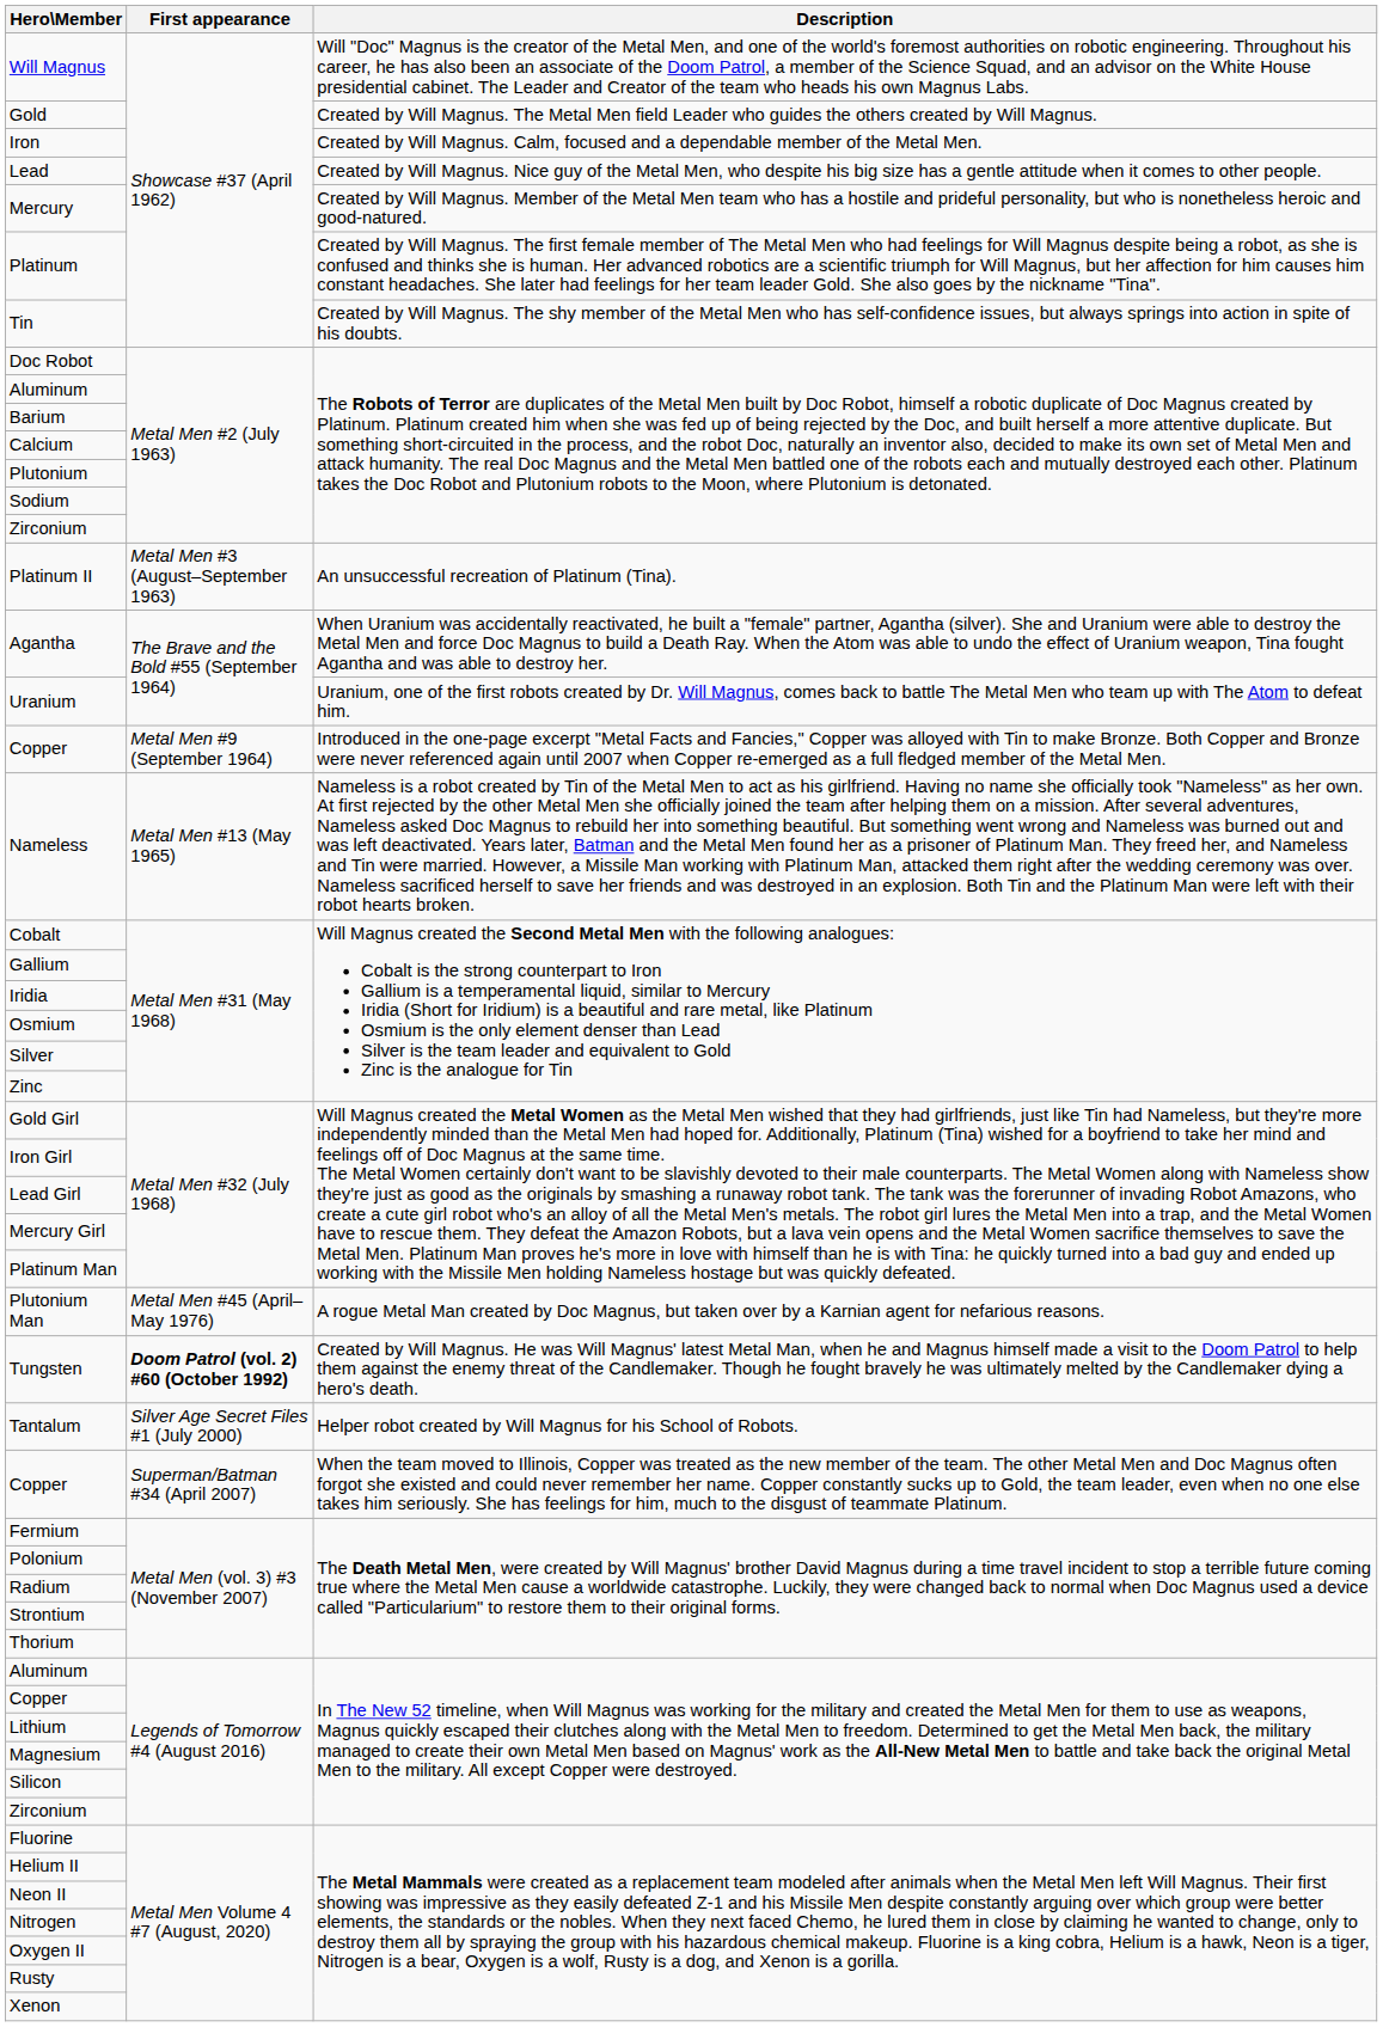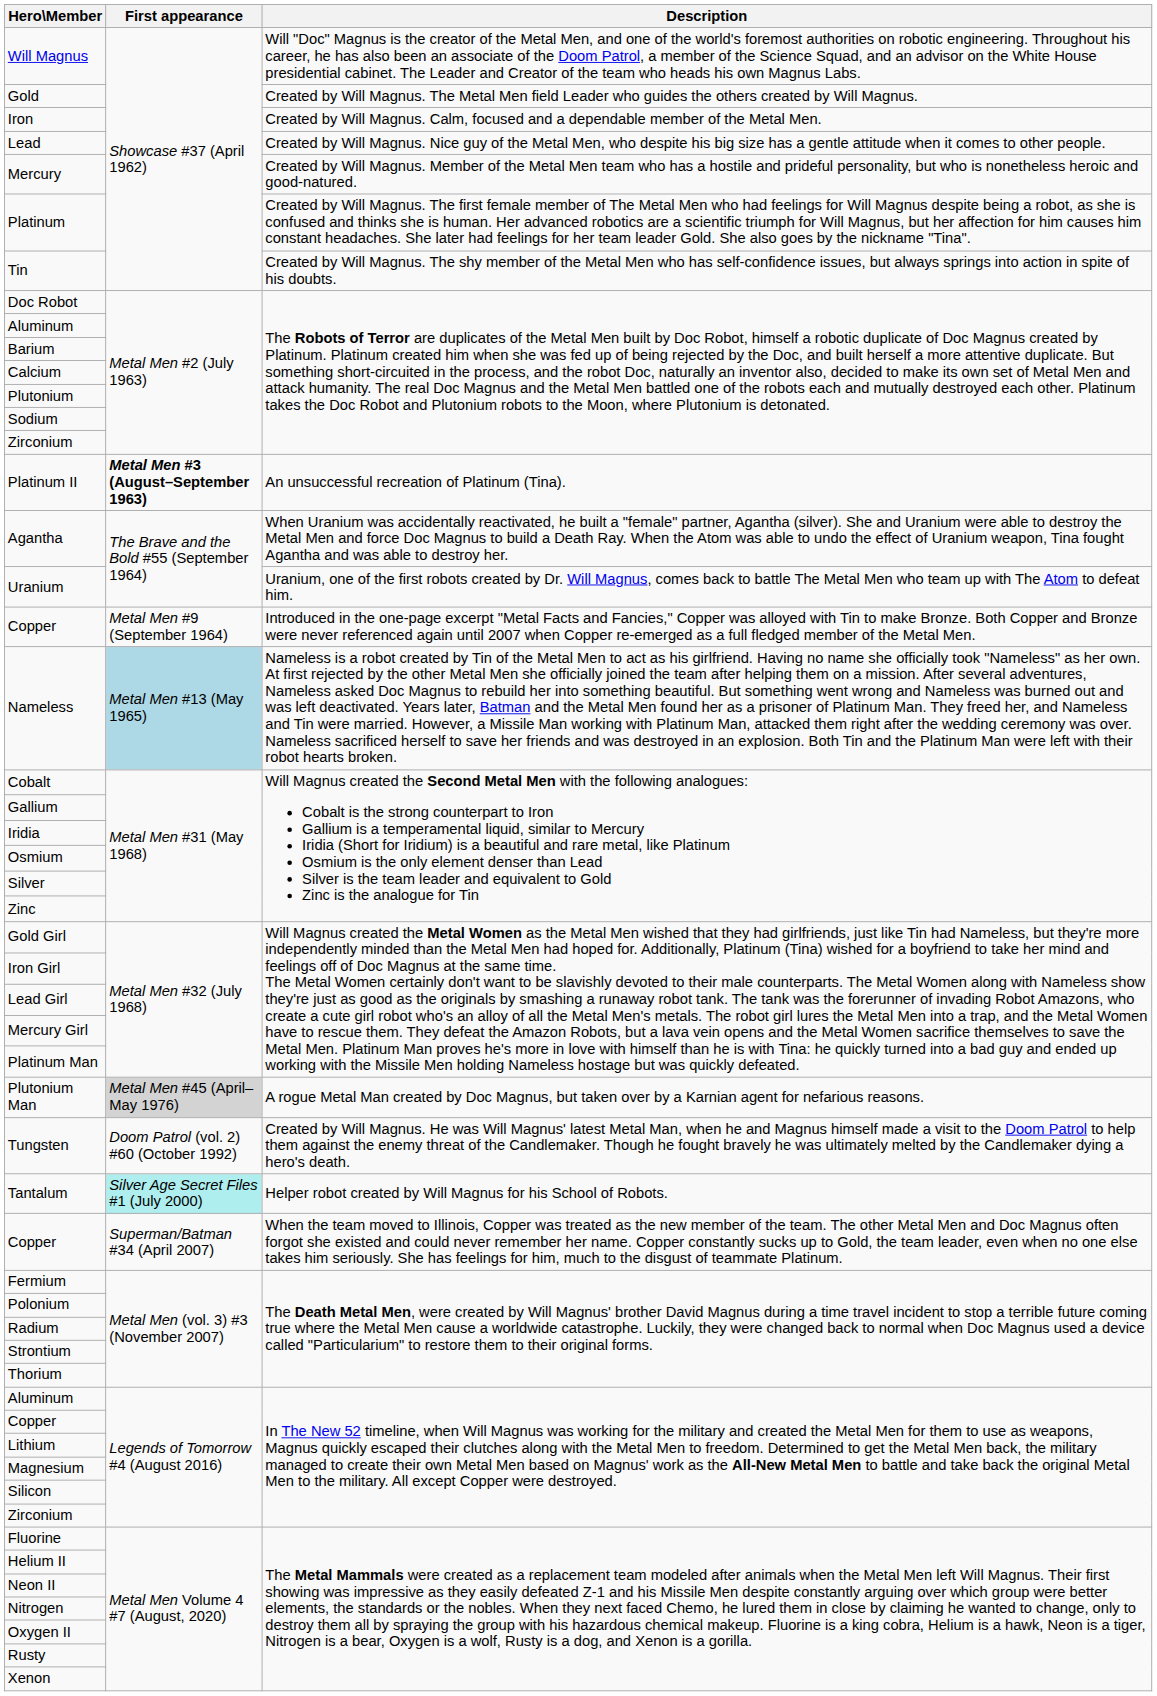 <table class="wikitable">
 <tr bgcolor="#CCCCCC">
 <th scope="col">Hero\Member</th>
 <th scope="col">First appearance</th>
 <th scope="col">Description</th>
 </tr>
 <tr>
 <td scope="row"><a href='#'>Will Magnus</a></td>
 <td rowspan="7"><em>Showcase</em> #37 (April 1962)</td>
 <td>Will "Doc" Magnus is the creator of the Metal Men, and one of the world's foremost authorities on robotic engineering. Throughout his career, he has also been an associate of the <a href='#'>Doom Patrol</a>, a member of the Science Squad, and an advisor on the White House presidential cabinet. The Leader and Creator of the team who heads his own Magnus Labs.</td>
 </tr>
 <tr>
 <td scope="row">Gold</td>
 <td>Created by Will Magnus. The Metal Men field Leader who guides the others created by Will Magnus.</td>
 </tr>
 <tr>
 <td scope="row">Iron</td>
 <td>Created by Will Magnus. Calm, focused and a dependable member of the Metal Men.</td>
 </tr>
 <tr>
 <td scope="row">Lead</td>
 <td>Created by Will Magnus. Nice guy of the Metal Men, who despite his big size has a gentle attitude when it comes to other people.</td>
 </tr>
 <tr>
 <td scope="row">Mercury</td>
 <td>Created by Will Magnus. Member of the Metal Men team who has a hostile and prideful personality, but who is nonetheless heroic and good-natured.</td>
 </tr>
 <tr>
 <td scope="row">Platinum</td>
 <td>Created by Will Magnus. The first female member of The Metal Men who had feelings for Will Magnus despite being a robot, as she is confused and thinks she is human. Her advanced robotics are a scientific triumph for Will Magnus, but her affection for him causes him constant headaches. She later had feelings for her team leader Gold. She also goes by the nickname "Tina".</td>
 </tr>
 <tr>
 <td scope="row">Tin</td>
 <td>Created by Will Magnus. The shy member of the Metal Men who has self-confidence issues, but always springs into action in spite of his doubts.</td>
 </tr>
 <tr>
 <td scope="row">Doc Robot</td>
 <td rowspan="7"><em>Metal Men</em> #2 (July 1963)</td>
 <td rowspan="7">The <strong>Robots of Terror</strong> are duplicates of the Metal Men built by Doc Robot, himself a robotic duplicate of Doc Magnus created by Platinum. Platinum created him when she was fed up of being rejected by the Doc, and built herself a more attentive duplicate. But something short-circuited in the process, and the robot Doc, naturally an inventor also, decided to make its own set of Metal Men and attack humanity. The real Doc Magnus and the Metal Men battled one of the robots each and mutually destroyed each other. Platinum takes the Doc Robot and Plutonium robots to the Moon, where Plutonium is detonated.</td>
 </tr>
 <tr>
 <td scope="row">Aluminum</td>
 </tr>
 <tr>
 <td scope="row">Barium</td>
 </tr>
 <tr>
 <td scope="row">Calcium</td>
 </tr>
 <tr>
 <td scope="row">Plutonium</td>
 </tr>
 <tr>
 <td scope="row">Sodium</td>
 </tr>
 <tr>
 <td scope="row">Zirconium</td>
 </tr>
 <tr>
 <td scope="row">Platinum II</td>
-<td><em>Metal Men</em> #3 (August–September 1963)</td>
+<td><strong><em>Metal Men</em> #3 (August–September 1963)</strong></td>
 <td>An unsuccessful recreation of Platinum (Tina).</td>
 </tr>
 <tr>
 <td scope="row">Agantha</td>
 <td rowspan="2"><em>The Brave and the Bold</em> #55 (September 1964)</td>
 <td>When Uranium was accidentally reactivated, he built a "female" partner, Agantha (silver). She and Uranium were able to destroy the Metal Men and force Doc Magnus to build a Death Ray. When the Atom was able to undo the effect of Uranium weapon, Tina fought Agantha and was able to destroy her.</td>
 </tr>
 <tr>
 <td scope="row">Uranium</td>
 <td>Uranium, one of the first robots created by Dr. <a href='#'>Will Magnus</a>, comes back to battle The Metal Men who team up with The <a href='#'>Atom</a> to defeat him.</td>
 </tr>
 <tr>
 <td scope="row">Copper</td>
 <td><em>Metal Men</em> #9 (September 1964)</td>
 <td>Introduced in the one-page excerpt "Metal Facts and Fancies," Copper was alloyed with Tin to make Bronze. Both Copper and Bronze were never referenced again until 2007 when Copper re-emerged as a full fledged member of the Metal Men.</td>
 </tr>
 <tr>
 <td scope="row">Nameless</td>
-<td><em>Metal Men</em> #13 (May 1965)</td>
+<td style="background: lightblue;"><em>Metal Men</em> #13 (May 1965)</td>
 <td>Nameless is a robot created by Tin of the Metal Men to act as his girlfriend. Having no name she officially took "Nameless" as her own. At first rejected by the other Metal Men she officially joined the team after helping them on a mission. After several adventures, Nameless asked Doc Magnus to rebuild her into something beautiful. But something went wrong and Nameless was burned out and was left deactivated. Years later, <a href='#'>Batman</a> and the Metal Men found her as a prisoner of Platinum Man. They freed her, and Nameless and Tin were married. However, a Missile Man working with Platinum Man, attacked them right after the wedding ceremony was over. Nameless sacrificed herself to save her friends and was destroyed in an explosion. Both Tin and the Platinum Man were left with their robot hearts broken.</td>
 </tr>
 <tr>
 <td scope="row">Cobalt</td>
 <td rowspan="6"><em>Metal Men</em> #31 (May 1968)</td>
 <td rowspan="6">Will Magnus created the <strong>Second Metal Men</strong> with the following analogues:<br><ul><li>Cobalt is the strong counterpart to Iron</li><li>Gallium is a temperamental liquid, similar to Mercury</li><li>Iridia (Short for Iridium) is a beautiful and rare metal, like Platinum</li><li>Osmium is the only element denser than Lead</li><li>Silver is the team leader and equivalent to Gold</li><li>Zinc is the analogue for Tin</li></ul></td>
 </tr>
 <tr>
 <td scope="row">Gallium</td>
 </tr>
 <tr>
 <td scope="row">Iridia</td>
 </tr>
 <tr>
 <td scope="row">Osmium</td>
 </tr>
 <tr>
 <td scope="row">Silver</td>
 </tr>
 <tr>
 <td scope="row">Zinc</td>
 </tr>
 <tr>
 <td scope="row">Gold Girl</td>
 <td rowspan="5"><em>Metal Men</em> #32 (July 1968)</td>
 <td rowspan="5">Will Magnus created the <strong>Metal Women</strong> as the Metal Men wished that they had girlfriends, just like Tin had Nameless, but they're more independently minded than the Metal Men had hoped for. Additionally, Platinum (Tina) wished for a boyfriend to take her mind and feelings off of Doc Magnus at the same time.<br>The Metal Women certainly don't want to be slavishly devoted to their male counterparts. The Metal Women along with Nameless show they're just as good as the originals by smashing a runaway robot tank. The tank was the forerunner of invading Robot Amazons, who create a cute girl robot who's an alloy of all the Metal Men's metals. The robot girl lures the Metal Men into a trap, and the Metal Women have to rescue them. They defeat the Amazon Robots, but a lava vein opens and the Metal Women sacrifice themselves to save the Metal Men. Platinum Man proves he's more in love with himself than he is with Tina: he quickly turned into a bad guy and ended up working with the Missile Men holding Nameless hostage but was quickly defeated.</td>
 </tr>
 <tr>
 <td scope="row">Iron Girl</td>
 </tr>
 <tr>
 <td scope="row">Lead Girl</td>
 </tr>
 <tr>
 <td scope="row">Mercury Girl</td>
 </tr>
 <tr>
 <td scope="row">Platinum Man</td>
 </tr>
 <tr>
 <td scope="row">Plutonium Man</td>
-<td><em>Metal Men</em> #45 (April–May 1976)</td>
+<td style="background: lightgrey;"><em>Metal Men</em> #45 (April–May 1976)</td>
 <td>A rogue Metal Man created by Doc Magnus, but taken over by a Karnian agent for nefarious reasons.</td>
 </tr>
 <tr>
 <td scope="row">Tungsten</td>
-<td><strong><em>Doom Patrol</em> (vol. 2) #60 (October 1992)</strong></td>
+<td><em>Doom Patrol</em> (vol. 2) #60 (October 1992)</td>
 <td>Created by Will Magnus. He was Will Magnus' latest Metal Man, when he and Magnus himself made a visit to the <a href='#'>Doom Patrol</a> to help them against the enemy threat of the Candlemaker. Though he fought bravely he was ultimately melted by the Candlemaker dying a hero's death.</td>
 </tr>
 <tr>
 <td scope="row">Tantalum</td>
-<td><em>Silver Age Secret Files</em> #1 (July 2000)</td>
+<td style="background: paleturquoise;"><em>Silver Age Secret Files</em> #1 (July 2000)</td>
 <td>Helper robot created by Will Magnus for his School of Robots.</td>
 </tr>
 <tr>
 <td scope="row">Copper</td>
 <td><em>Superman/Batman</em> #34 (April 2007)</td>
 <td>When the team moved to Illinois, Copper was treated as the new member of the team. The other Metal Men and Doc Magnus often forgot she existed and could never remember her name. Copper constantly sucks up to Gold, the team leader, even when no one else takes him seriously. She has feelings for him, much to the disgust of teammate Platinum.</td>
 </tr>
 <tr>
 <td scope="row">Fermium</td>
 <td rowspan="5"><em>Metal Men</em> (vol. 3) #3 (November 2007)</td>
 <td rowspan="5">The <strong>Death Metal Men</strong>, were created by Will Magnus' brother David Magnus during a time travel incident to stop a terrible future coming true where the Metal Men cause a worldwide catastrophe. Luckily, they were changed back to normal when Doc Magnus used a device called "Particularium" to restore them to their original forms.</td>
 </tr>
 <tr>
 <td scope="row">Polonium</td>
 </tr>
 <tr>
 <td scope="row">Radium</td>
 </tr>
 <tr>
 <td scope="row">Strontium</td>
 </tr>
 <tr>
 <td scope="row">Thorium</td>
 </tr>
 <tr>
 <td>Aluminum</td>
 <td rowspan="6"><em>Legends of Tomorrow</em> #4 (August 2016)</td>
 <td rowspan="6">In <a href='#'>The New 52</a> timeline, when Will Magnus was working for the military and created the Metal Men for them to use as weapons, Magnus quickly escaped their clutches along with the Metal Men to freedom. Determined to get the Metal Men back, the military managed to create their own Metal Men based on Magnus' work as the <strong>All-New Metal Men</strong> to battle and take back the original Metal Men to the military. All except Copper were destroyed.</td>
 </tr>
 <tr>
 <td>Copper</td>
 </tr>
 <tr>
 <td>Lithium</td>
 </tr>
 <tr>
 <td>Magnesium</td>
 </tr>
 <tr>
 <td>Silicon</td>
 </tr>
 <tr>
 <td>Zirconium</td>
 </tr>
 <tr>
 <td>Fluorine</td>
 <td rowspan="7"><em>Metal Men</em> Volume 4 #7 (August, 2020)</td>
 <td rowspan="7">The <strong>Metal Mammals</strong> were created as a replacement team modeled after animals when the Metal Men left Will Magnus. Their first showing was impressive as they easily defeated Z-1 and his Missile Men despite constantly arguing over which group were better elements, the standards or the nobles. When they next faced Chemo, he lured them in close by claiming he wanted to change, only to destroy them all by spraying the group with his hazardous chemical makeup. Fluorine is a king cobra, Helium is a hawk, Neon is a tiger, Nitrogen is a bear, Oxygen is a wolf, Rusty is a dog, and Xenon is a gorilla.</td>
 </tr>
 <tr>
 <td>Helium II</td>
 </tr>
 <tr>
 <td>Neon II</td>
 </tr>
 <tr>
 <td>Nitrogen</td>
 </tr>
 <tr>
 <td>Oxygen II</td>
 </tr>
 <tr>
 <td>Rusty</td>
 </tr>
 <tr>
 <td>Xenon</td>
 </tr>
 </table>
